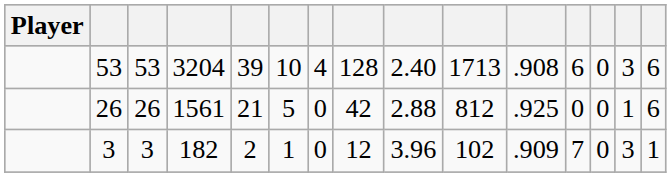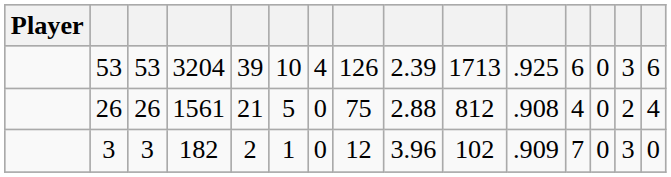 <table class="wikitable sortable" style="text-align:center;">
 <tr>
 <th>Player</th>
 <th></th>
 <th></th>
 <th></th>
 <th></th>
 <th></th>
 <th></th>
 <th></th>
 <th></th>
 <th></th>
 <th></th>
 <th></th>
 <th></th>
 <th></th>
 <th></th>
 </tr>
 <tr>
 <td></td>
 <td>53</td>
 <td>53</td>
 <td>3204</td>
 <td>39</td>
 <td>10</td>
 <td>4</td>
-<td>128</td>
-<td>2.40</td>
+<td>126</td>
+<td>2.39</td>
 <td>1713</td>
-<td>.908</td>
+<td>.925</td>
 <td>6</td>
 <td>0</td>
 <td>3</td>
 <td>6</td>
 </tr>
 <tr>
 <td></td>
 <td>26</td>
 <td>26</td>
 <td>1561</td>
 <td>21</td>
 <td>5</td>
 <td>0</td>
-<td>42</td>
+<td>75</td>
 <td>2.88</td>
 <td>812</td>
-<td>.925</td>
+<td>.908</td>
+<td>4</td>
 <td>0</td>
-<td>0</td>
-<td>1</td>
-<td>6</td>
+<td>2</td>
+<td>4</td>
 </tr>
 <tr>
 <td></td>
 <td>3</td>
 <td>3</td>
 <td>182</td>
 <td>2</td>
 <td>1</td>
 <td>0</td>
 <td>12</td>
 <td>3.96</td>
 <td>102</td>
 <td>.909</td>
 <td>7</td>
 <td>0</td>
 <td>3</td>
-<td>1</td>
+<td>0</td>
 </tr>
 </table>
